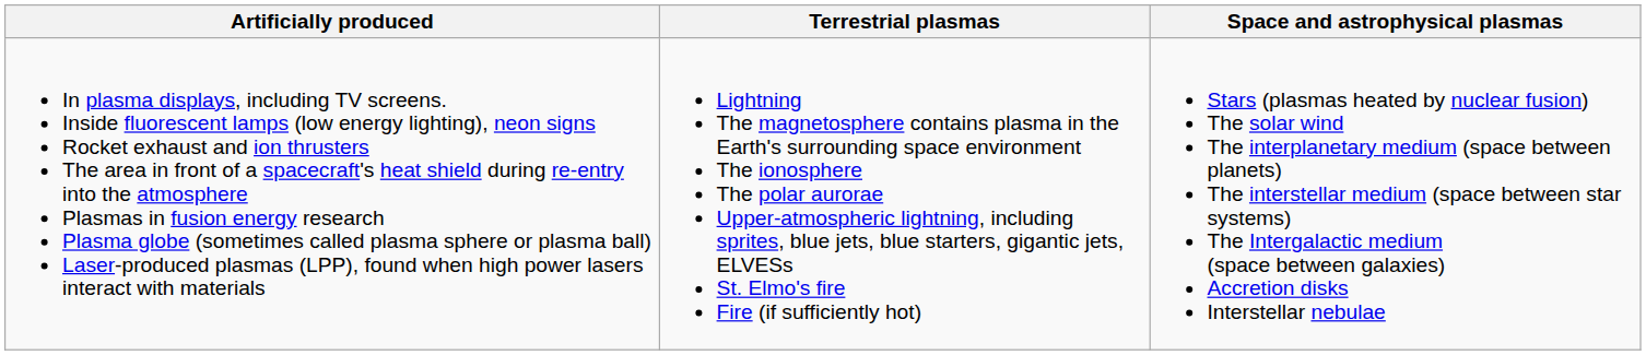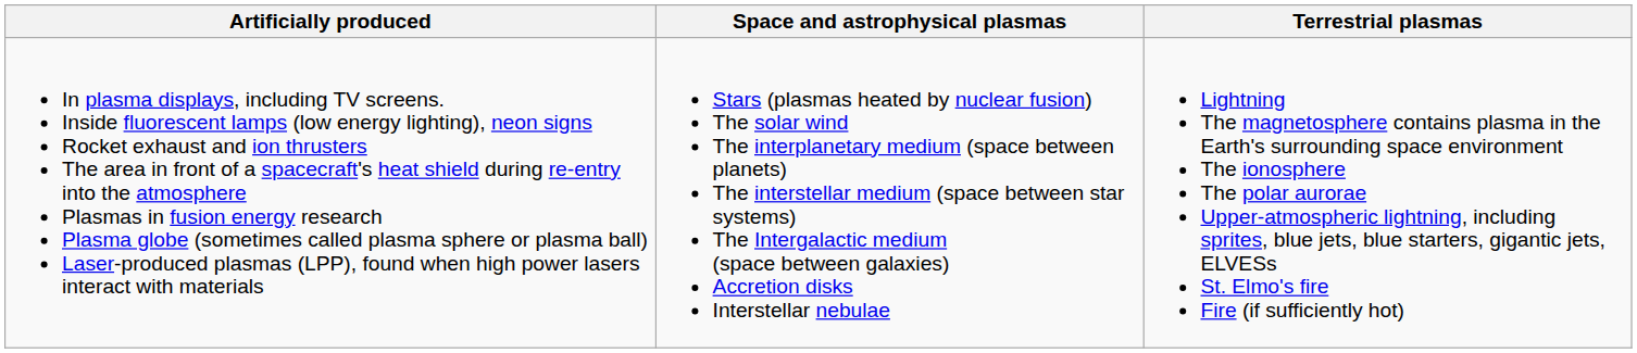 <table class="wikitable">
 <tr>
 <th style="width: 40%;">Artificially produced</th>
+<th style="width: 30%;">Space and astrophysical plasmas</th>
 <th style="width: 30%;">Terrestrial plasmas</th>
-<th style="width: 30%;">Space and astrophysical plasmas</th>
 </tr>
 <tr style="vertical-align: top;">
 <td><br><ul><li>In <a href='#'>plasma displays</a>, including TV screens.</li><li>Inside <a href='#'>fluorescent lamps</a> (low energy lighting), <a href='#'>neon signs</a></li><li>Rocket exhaust and <a href='#'>ion thrusters</a></li><li>The area in front of a <a href='#'>spacecraft</a>'s <a href='#'>heat shield</a> during <a href='#'>re-entry</a> into the <a href='#'>atmosphere</a></li><li>Plasmas in <a href='#'>fusion energy</a> research</li><li><a href='#'>Plasma globe</a> (sometimes called plasma sphere or plasma ball)</li><li><a href='#'>Laser</a>-produced plasmas (LPP), found when high power lasers interact with materials</li></ul></td>
+<td><br><ul><li><a href='#'>Stars</a> (plasmas heated by <a href='#'>nuclear fusion</a>)</li><li>The <a href='#'>solar wind</a></li><li>The <a href='#'>interplanetary medium</a> (space between planets)</li><li>The <a href='#'>interstellar medium</a> (space between star systems)</li><li>The <a href='#'>Intergalactic medium</a><br>(space between galaxies)</li><li><a href='#'>Accretion disks</a></li><li>Interstellar <a href='#'>nebulae</a></li></ul></td>
 <td><br><ul><li><a href='#'>Lightning</a></li><li>The <a href='#'>magnetosphere</a> contains plasma in the Earth's surrounding space environment</li><li>The <a href='#'>ionosphere</a></li><li>The <a href='#'>polar aurorae</a></li><li><a href='#'>Upper-atmospheric lightning</a>, including <a href='#'>sprites</a>, blue jets, blue starters, gigantic jets, ELVESs</li><li><a href='#'>St. Elmo's fire</a></li><li><a href='#'>Fire</a> (if sufficiently hot)</li></ul></td>
-<td><br><ul><li><a href='#'>Stars</a> (plasmas heated by <a href='#'>nuclear fusion</a>)</li><li>The <a href='#'>solar wind</a></li><li>The <a href='#'>interplanetary medium</a> (space between planets)</li><li>The <a href='#'>interstellar medium</a> (space between star systems)</li><li>The <a href='#'>Intergalactic medium</a><br>(space between galaxies)</li><li><a href='#'>Accretion disks</a></li><li>Interstellar <a href='#'>nebulae</a></li></ul></td>
 </tr>
 </table>
